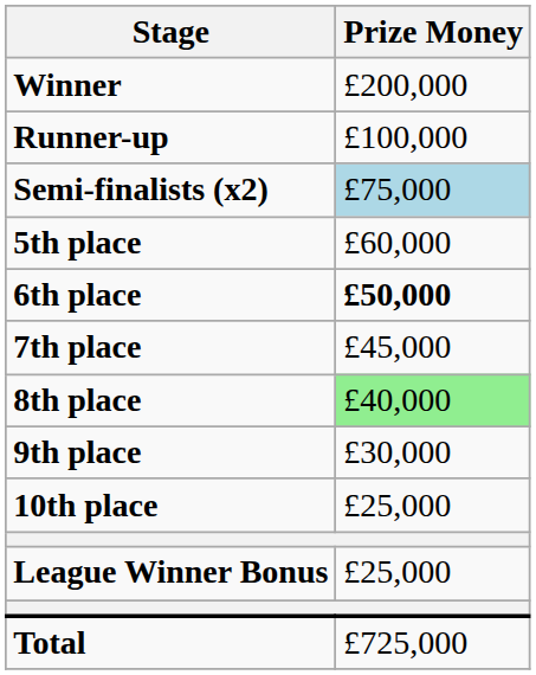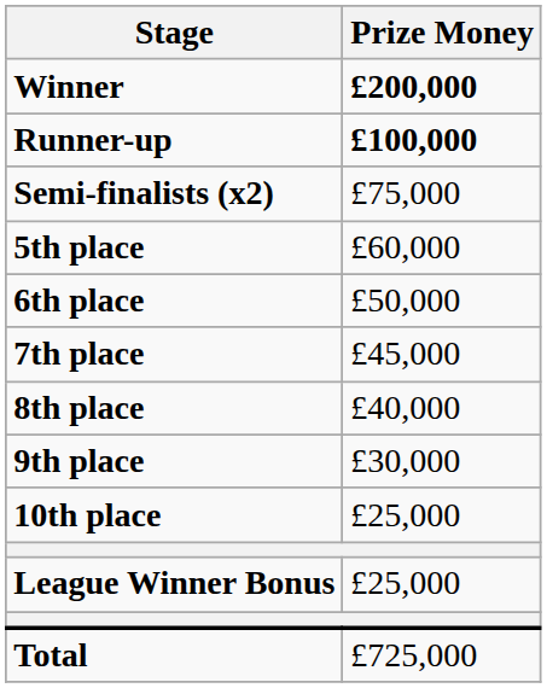 <table class="wikitable">
 <tr>
 <th>Stage</th>
 <th>Prize Money</th>
 </tr>
 <tr>
 <td><strong>Winner</strong></td>
-<td>£200,000</td>
+<td><strong>£200,000</strong></td>
 </tr>
 <tr>
 <td><strong>Runner-up</strong></td>
-<td>£100,000</td>
+<td><strong>£100,000</strong></td>
 </tr>
 <tr>
 <td><strong>Semi-finalists (x2)</strong></td>
-<td style="background: lightblue;">£75,000</td>
+<td>£75,000</td>
 </tr>
 <tr>
 <td><strong>5th place</strong></td>
 <td>£60,000</td>
 </tr>
 <tr>
 <td><strong>6th place</strong></td>
-<td><strong>£50,000</strong></td>
+<td>£50,000</td>
 </tr>
 <tr>
 <td><strong>7th place</strong></td>
 <td>£45,000</td>
 </tr>
 <tr>
 <td><strong>8th place</strong></td>
-<td style="background: lightgreen;">£40,000</td>
+<td>£40,000</td>
 </tr>
 <tr>
 <td><strong>9th place</strong></td>
 <td>£30,000</td>
 </tr>
 <tr>
 <td><strong>10th place</strong></td>
 <td>£25,000</td>
 </tr>
 <tr>
 <th colspan=3></th>
 </tr>
 <tr>
 <td><strong>League Winner Bonus</strong></td>
 <td>£25,000</td>
 </tr>
 <tr>
 <th colspan=3></th>
 </tr>
 <tr style="border-top:2px solid black;">
 <td><strong>Total</strong></td>
 <td>£725,000</td>
 </tr>
 </table>
